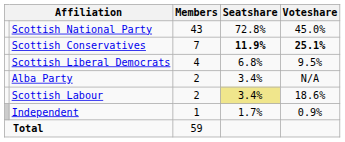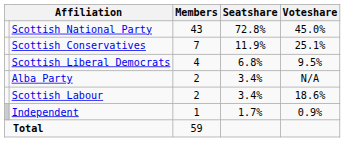 <table class="wikitable">
 <tr>
 <th colspan="2">Affiliation</th>
 <th>Members<br></th>
 <th>Seatshare<br></th>
 <th>Voteshare<br></th>
 </tr>
 <tr>
 <td style="color:inherit;background:"></td>
 <td><a href='#'>Scottish National Party</a></td>
 <td style="text-align:center;">43</td>
 <td style="text-align:center;">72.8%</td>
 <td style="text-align:center;">45.0%</td>
 </tr>
 <tr>
 <td style="color:inherit;background:"></td>
 <td><a href='#'>Scottish Conservatives</a></td>
 <td style="text-align:center;">7</td>
-<td style="text-align:center;"><strong>11.9%</strong></td>
-<td style="text-align:center;"><strong>25.1%</strong></td>
+<td style="text-align:center;">11.9%</td>
+<td style="text-align:center;">25.1%</td>
 </tr>
 <tr>
 <td style="color:inherit;background:"></td>
 <td><a href='#'>Scottish Liberal Democrats</a></td>
 <td style="text-align:center;">4</td>
 <td style="text-align:center;">6.8%</td>
 <td style="text-align:center;">9.5%</td>
 </tr>
 <tr>
 <td style="color:inherit;background:"></td>
 <td><a href='#'>Alba Party</a></td>
 <td style="text-align:center;">2</td>
 <td style="text-align:center;">3.4%</td>
 <td style="text-align:center;">N/A</td>
 </tr>
 <tr>
 <td style="color:inherit;background:"></td>
 <td><a href='#'>Scottish Labour</a></td>
 <td style="text-align:center;">2</td>
-<td style="background: khaki; text-align:center;">3.4%</td>
+<td style="text-align:center;">3.4%</td>
 <td style="text-align:center;">18.6%</td>
 </tr>
 <tr>
 <td bgcolor="CCCCCC"></td>
 <td><a href='#'>Independent</a></td>
 <td style="text-align:center;">1</td>
 <td style="text-align:center;">1.7%</td>
 <td style="text-align:center;">0.9%</td>
 </tr>
 <tr>
 <td colspan="2" rowspan="1"> <strong>Total</strong></td>
 <td style="text-align:center;">59</td>
 <td></td>
 <td></td>
 </tr>
 </table>
